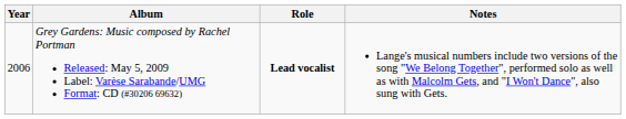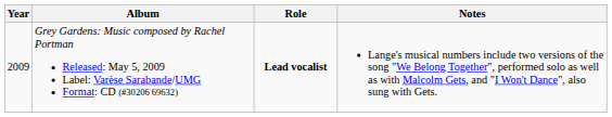 <table class="wikitable" style="text-align:left;">
 <tr>
 <th width=4%>Year</th>
 <th width=37%>Album</th>
 <th width=14%>Role</th>
 <th width=45%%>Notes</th>
 </tr>
 <tr>
-<td>2006</td>
+<td>2009</td>
 <td><em>Grey Gardens: Music composed by Rachel Portman</em><br><ul><li><a href='#'>Released</a>: May 5, 2009</li><li>Label: <a href='#'>Varèse Sarabande</a>/<a href='#'>UMG</a></li><li><a href='#'>Format</a>: CD <small>(#30206 69632)</small></li></ul></td>
 <td align="center"><strong>Lead vocalist</strong></td>
 <td><br><ul><li>Lange's musical numbers include two versions of the song "<a href='#'>We Belong Together</a>", performed solo as well as with <a href='#'>Malcolm Gets</a>, and "<a href='#'>I Won't Dance</a>", also sung with Gets.</li></ul></td>
 </tr>
 </table>
